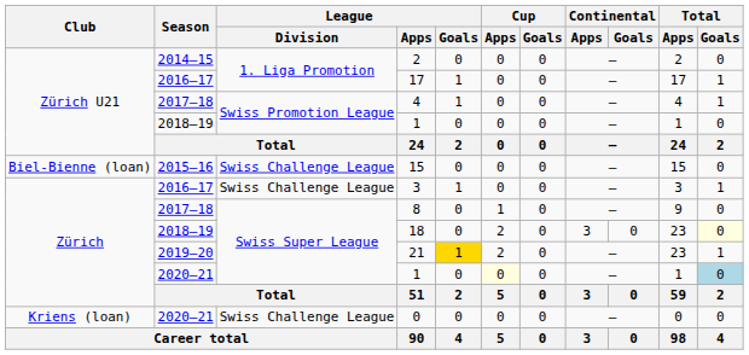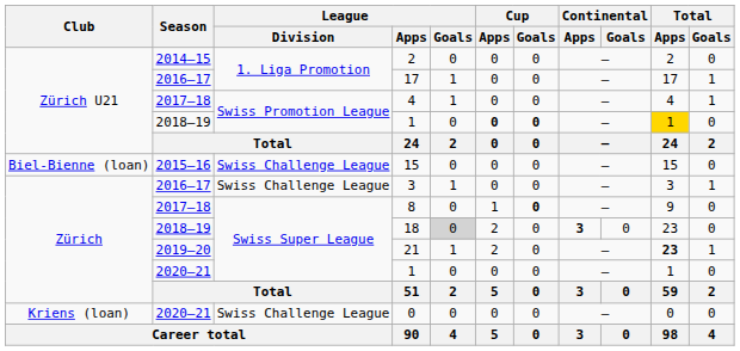 <table class="wikitable" style="text-align:center">
 <tr>
 <th rowspan="2">Club</th>
 <th rowspan="2">Season</th>
 <th colspan="3">League</th>
 <th colspan="2">Cup</th>
 <th colspan="2">Continental</th>
 <th colspan="2">Total</th>
 </tr>
 <tr>
 <th>Division</th>
 <th>Apps</th>
 <th>Goals</th>
 <th>Apps</th>
 <th>Goals</th>
 <th>Apps</th>
 <th>Goals</th>
 <th>Apps</th>
 <th>Goals</th>
 </tr>
 <tr>
 <td rowspan="5"><a href='#'>Zürich</a> U21</td>
 <td><a href='#'>2014–15</a></td>
 <td rowspan="2"><a href='#'>1. Liga Promotion</a></td>
 <td>2</td>
 <td>0</td>
 <td>0</td>
 <td>0</td>
 <td colspan="2">—</td>
 <td>2</td>
 <td>0</td>
 </tr>
 <tr>
 <td><a href='#'>2016–17</a></td>
 <td>17</td>
 <td>1</td>
 <td>0</td>
 <td>0</td>
 <td colspan="2">—</td>
 <td>17</td>
 <td>1</td>
 </tr>
 <tr>
 <td><a href='#'>2017–18</a></td>
 <td rowspan="2"><a href='#'>Swiss Promotion League</a></td>
 <td>4</td>
 <td>1</td>
 <td>0</td>
 <td>0</td>
 <td colspan="2">—</td>
 <td>4</td>
 <td>1</td>
 </tr>
 <tr>
 <td>2018–19</td>
 <td>1</td>
 <td>0</td>
-<td>0</td>
-<td>0</td>
+<td><strong>0</strong></td>
+<td><strong>0</strong></td>
 <td colspan="2">—</td>
-<td>1</td>
+<td style="background: gold;">1</td>
 <td>0</td>
 </tr>
 <tr>
 <th colspan="2">Total</th>
 <th>24</th>
 <th>2</th>
 <th>0</th>
 <th>0</th>
 <th colspan="2">—</th>
 <th>24</th>
 <th>2</th>
 </tr>
 <tr>
 <td><a href='#'>Biel-Bienne</a> (loan)</td>
 <td><a href='#'>2015–16</a></td>
 <td><a href='#'>Swiss Challenge League</a></td>
 <td>15</td>
 <td>0</td>
 <td>0</td>
 <td>0</td>
 <td colspan="2">—</td>
 <td>15</td>
 <td>0</td>
 </tr>
 <tr>
 <td rowspan="6"><a href='#'>Zürich</a></td>
 <td><a href='#'>2016–17</a></td>
 <td>Swiss Challenge League</td>
 <td>3</td>
 <td>1</td>
 <td>0</td>
 <td>0</td>
 <td colspan="2">—</td>
 <td>3</td>
 <td>1</td>
 </tr>
 <tr>
 <td><a href='#'>2017–18</a></td>
 <td rowspan="4"><a href='#'>Swiss Super League</a></td>
 <td>8</td>
 <td>0</td>
 <td>1</td>
-<td>0</td>
+<td><strong>0</strong></td>
 <td colspan="2">—</td>
 <td>9</td>
 <td>0</td>
 </tr>
 <tr>
 <td><a href='#'>2018–19</a></td>
 <td>18</td>
-<td>0</td>
+<td style="background: lightgrey;">0</td>
 <td>2</td>
 <td>0</td>
-<td>3</td>
+<td><strong>3</strong></td>
 <td>0</td>
 <td>23</td>
-<td style="background: lightyellow;">0</td>
+<td>0</td>
 </tr>
 <tr>
 <td><a href='#'>2019–20</a></td>
 <td>21</td>
-<td style="background: gold;">1</td>
+<td>1</td>
 <td>2</td>
 <td>0</td>
 <td colspan="2">—</td>
-<td>23</td>
+<td><strong>23</strong></td>
 <td>1</td>
 </tr>
 <tr>
 <td><a href='#'>2020–21</a></td>
 <td>1</td>
 <td>0</td>
-<td style="background: lightyellow;">0</td>
+<td>0</td>
 <td>0</td>
 <td colspan="2">—</td>
 <td>1</td>
-<td style="background: lightblue;">0</td>
+<td>0</td>
 </tr>
 <tr>
 <th colspan="2">Total</th>
 <th>51</th>
 <th>2</th>
 <th>5</th>
 <th>0</th>
 <th>3</th>
 <th>0</th>
 <th>59</th>
 <th>2</th>
 </tr>
 <tr>
 <td><a href='#'>Kriens</a> (loan)</td>
 <td><a href='#'>2020–21</a></td>
 <td>Swiss Challenge League</td>
 <td>0</td>
 <td>0</td>
 <td>0</td>
 <td>0</td>
 <td colspan="2">—</td>
 <td>0</td>
 <td>0</td>
 </tr>
 <tr>
 <th colspan="3">Career total</th>
 <th>90</th>
 <th>4</th>
 <th>5</th>
 <th>0</th>
 <th>3</th>
 <th>0</th>
 <th>98</th>
 <th>4</th>
 </tr>
 </table>
